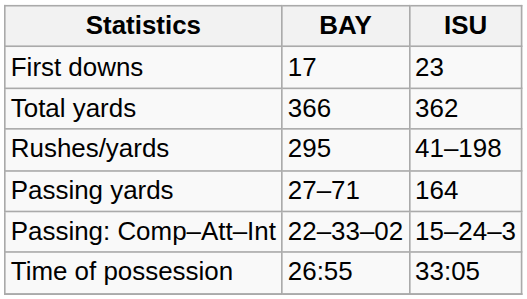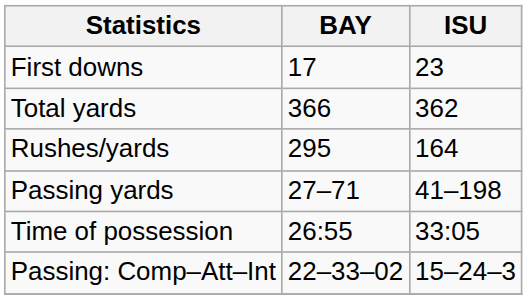 <table class="wikitable" style="float: left;">
 <tr>
 <th>Statistics</th>
 <th>BAY</th>
 <th>ISU</th>
 </tr>
 <tr>
 <td>First downs</td>
 <td>17</td>
 <td>23</td>
 </tr>
 <tr>
 <td>Total yards</td>
 <td>366</td>
 <td>362</td>
 </tr>
 <tr>
 <td>Rushes/yards</td>
 <td>295</td>
-<td>41–198</td>
+<td>164</td>
 </tr>
 <tr>
 <td>Passing yards</td>
 <td>27–71</td>
-<td>164</td>
+<td>41–198</td>
+</tr>
+<tr>
+<td>Time of possession</td>
+<td>26:55</td>
+<td>33:05</td>
 </tr>
 <tr>
 <td>Passing: Comp–Att–Int</td>
 <td>22–33–02</td>
 <td>15–24–3</td>
 </tr>
 <tr>
-<td>Time of possession</td>
-<td>26:55</td>
-<td>33:05</td>
-</tr>
-<tr>
 </tr>
 </table>
